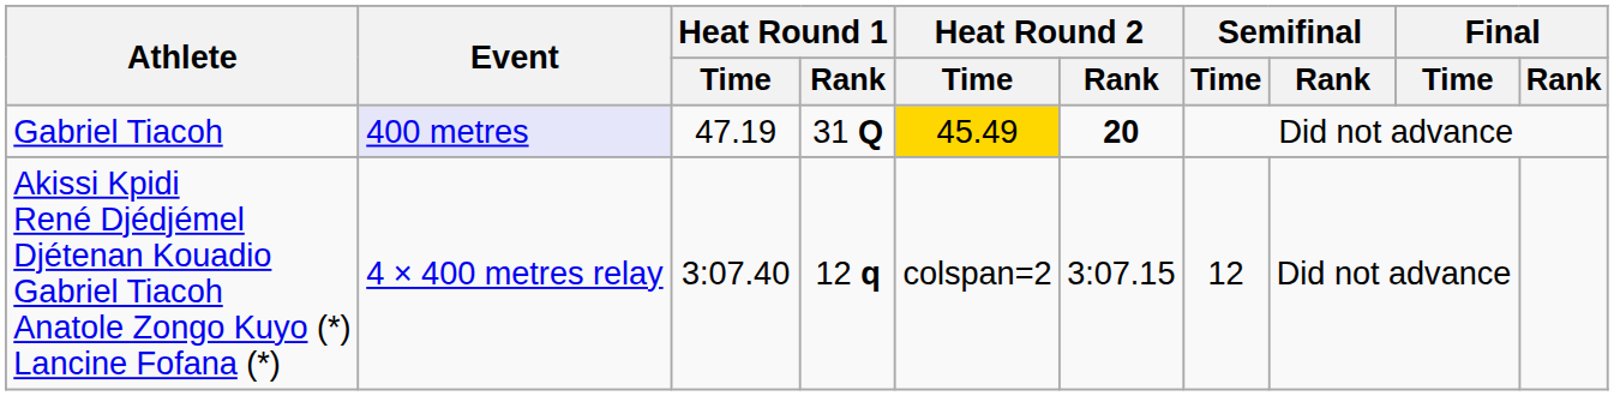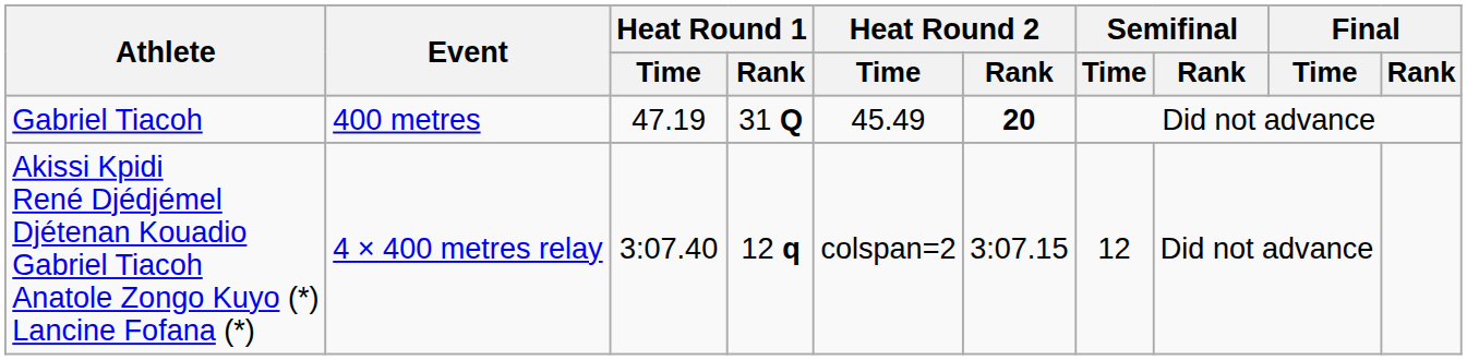 <table class=wikitable style="font-size:90%; text-align:center">
 <tr>
 <th rowspan=2>Athlete</th>
 <th rowspan=2>Event</th>
 <th colspan=2>Heat Round 1</th>
 <th colspan=2>Heat Round 2</th>
 <th colspan=2>Semifinal</th>
 <th colspan=2>Final</th>
 </tr>
 <tr style=font-size:95%>
 <th>Time</th>
 <th>Rank</th>
 <th>Time</th>
 <th>Rank</th>
 <th>Time</th>
 <th>Rank</th>
 <th>Time</th>
 <th>Rank</th>
 </tr>
 <tr align=center>
 <td align=left><a href='#'>Gabriel Tiacoh</a></td>
-<td align=left style="background: lavender;"><a href='#'>400 metres</a></td>
+<td align=left><a href='#'>400 metres</a></td>
 <td>47.19</td>
 <td>31 <strong>Q</strong></td>
-<td style="background: gold;">45.49</td>
+<td>45.49</td>
 <td><strong>20</strong></td>
 <td colspan=4>Did not advance</td>
 </tr>
 <tr align=center>
 <td align=left><a href='#'>Akissi Kpidi</a><br><a href='#'>René Djédjémel</a><br><a href='#'>Djétenan Kouadio</a><br><a href='#'>Gabriel Tiacoh</a><br><a href='#'>Anatole Zongo Kuyo</a> (*)<br><a href='#'>Lancine Fofana</a> (*)</td>
 <td align=left><a href='#'>4 × 400 metres relay</a></td>
 <td>3:07.40</td>
 <td>12 <strong>q</strong></td>
 <td>colspan=2</td>
 <td>3:07.15</td>
 <td>12</td>
 <td colspan=2>Did not advance</td>
 </tr>
 </table>
